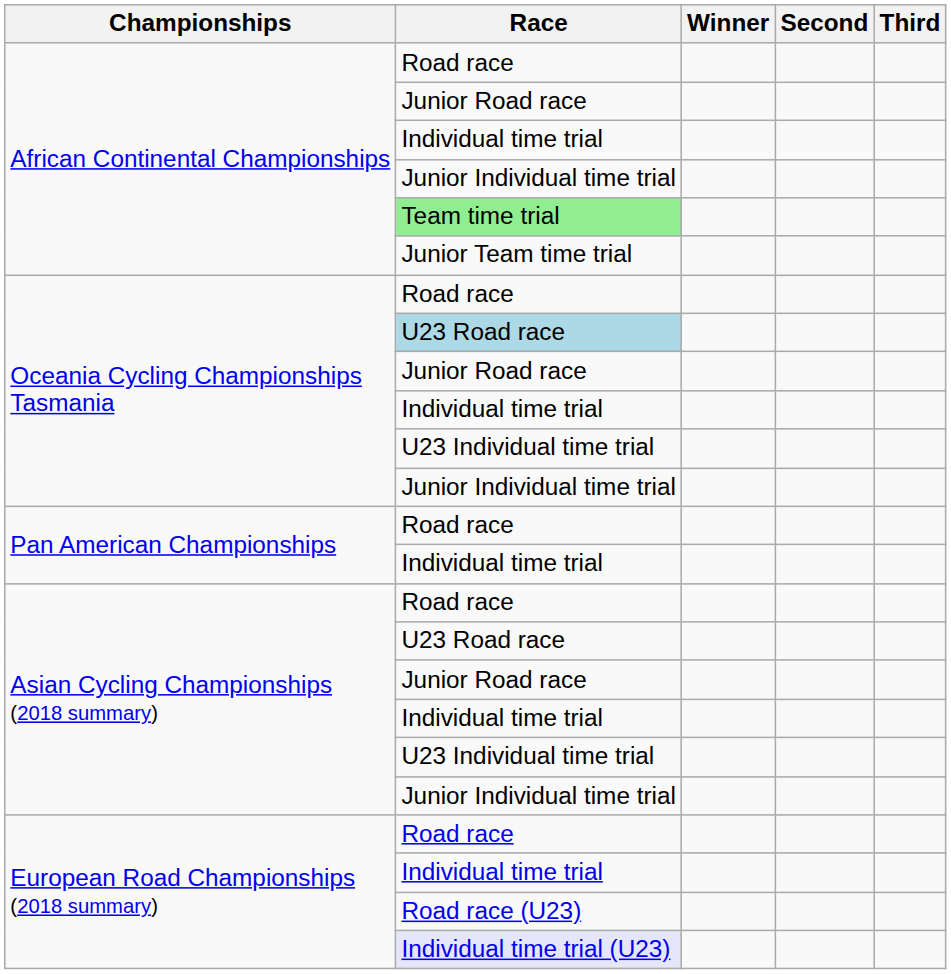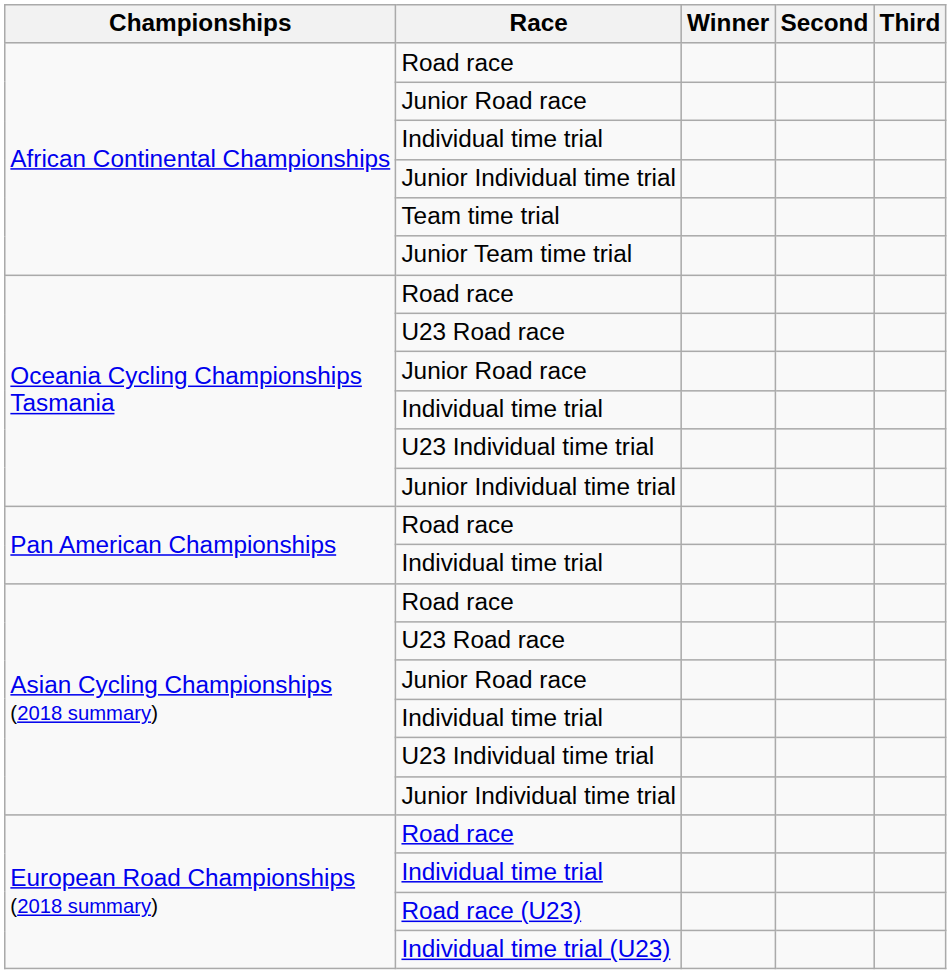 <table class="wikitable sortable">
 <tr>
 <th>Championships</th>
 <th>Race</th>
 <th>Winner</th>
 <th>Second</th>
 <th>Third</th>
 </tr>
 <tr>
 <td rowspan=6><a href='#'>African Continental Championships</a><br></td>
 <td>Road race</td>
 <td></td>
 <td></td>
 <td></td>
 </tr>
 <tr>
 <td>Junior Road race</td>
 <td></td>
 <td></td>
 <td></td>
 </tr>
 <tr>
 <td>Individual time trial </td>
 <td></td>
 <td></td>
 <td></td>
 </tr>
 <tr>
 <td>Junior Individual time trial </td>
 <td></td>
 <td></td>
 <td></td>
 </tr>
 <tr>
-<td style="background: lightgreen;">Team time trial </td>
+<td>Team time trial </td>
 <td></td>
 <td></td>
 <td></td>
 </tr>
 <tr>
 <td>Junior Team time trial </td>
 <td></td>
 <td></td>
 <td></td>
 </tr>
 <tr>
 <td rowspan=6><a href='#'>Oceania Cycling Championships</a><br> <a href='#'>Tasmania</a></td>
 <td>Road race</td>
 <td></td>
 <td></td>
 <td></td>
 </tr>
 <tr>
-<td style="background: lightblue;">U23 Road race</td>
+<td>U23 Road race</td>
 <td></td>
 <td></td>
 <td></td>
 </tr>
 <tr>
 <td>Junior Road race</td>
 <td></td>
 <td></td>
 <td></td>
 </tr>
 <tr>
 <td>Individual time trial </td>
 <td></td>
 <td></td>
 <td></td>
 </tr>
 <tr>
 <td>U23 Individual time trial </td>
 <td></td>
 <td></td>
 <td></td>
 </tr>
 <tr>
 <td>Junior Individual time trial </td>
 <td></td>
 <td></td>
 <td></td>
 </tr>
 <tr>
 <td rowspan=2><a href='#'>Pan American Championships</a><br></td>
 <td>Road race</td>
 <td></td>
 <td></td>
 <td></td>
 </tr>
 <tr>
 <td>Individual time trial </td>
 <td></td>
 <td></td>
 <td></td>
 </tr>
 <tr>
 <td rowspan=6><a href='#'>Asian Cycling Championships</a><br> <small>(<a href='#'>2018 summary</a>)</small></td>
 <td>Road race</td>
 <td></td>
 <td></td>
 <td></td>
 </tr>
 <tr>
 <td>U23 Road race</td>
 <td></td>
 <td></td>
 <td></td>
 </tr>
 <tr>
 <td>Junior Road race</td>
 <td></td>
 <td></td>
 <td></td>
 </tr>
 <tr>
 <td>Individual time trial </td>
 <td></td>
 <td></td>
 <td></td>
 </tr>
 <tr>
 <td>U23 Individual time trial </td>
 <td></td>
 <td></td>
 <td></td>
 </tr>
 <tr>
 <td>Junior Individual time trial </td>
 <td></td>
 <td></td>
 <td></td>
 </tr>
 <tr>
 <td rowspan=4><a href='#'>European Road Championships</a><br> <small>(<a href='#'>2018 summary</a>)</small></td>
 <td><a href='#'>Road race</a></td>
 <td></td>
 <td></td>
 <td></td>
 </tr>
 <tr>
 <td><a href='#'>Individual time trial</a> </td>
 <td></td>
 <td></td>
 <td></td>
 </tr>
 <tr>
 <td><a href='#'>Road race (U23)</a></td>
 <td></td>
 <td></td>
 <td></td>
 </tr>
 <tr>
-<td style="background: lavender;"><a href='#'>Individual time trial (U23)</a> </td>
+<td><a href='#'>Individual time trial (U23)</a> </td>
 <td></td>
 <td></td>
 <td></td>
 </tr>
 </table>
